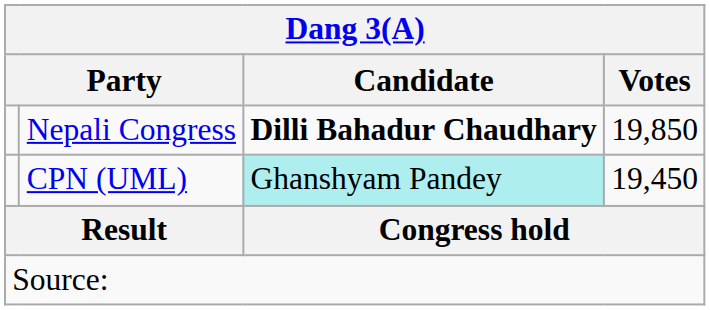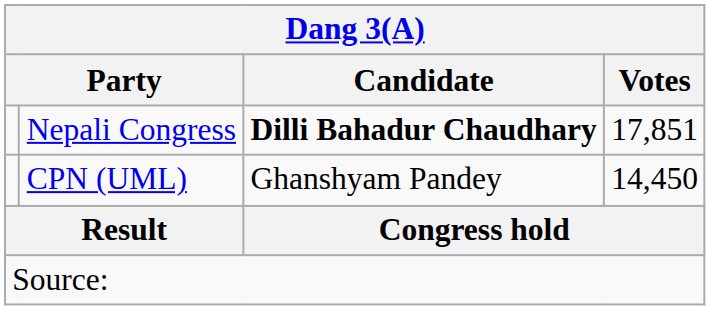 <table class="wikitable">
 <tr>
 <th colspan="4"><a href='#'>Dang 3(A)</a></th>
 </tr>
 <tr>
 <th colspan="2">Party</th>
 <th>Candidate</th>
 <th>Votes</th>
 </tr>
 <tr>
 <td style="background-color:"></td>
 <td><a href='#'>Nepali Congress</a></td>
 <td><strong>Dilli Bahadur Chaudhary</strong></td>
-<td>19,850</td>
+<td>17,851</td>
 </tr>
 <tr>
 <td style="background-color:"></td>
 <td><a href='#'>CPN (UML)</a></td>
-<td style="background: paleturquoise;">Ghanshyam Pandey</td>
-<td>19,450</td>
+<td>Ghanshyam Pandey</td>
+<td>14,450</td>
 </tr>
 <tr>
 <th colspan="2">Result</th>
 <th colspan="2">Congress hold</th>
 </tr>
 <tr>
 <td colspan="4">Source: </td>
 </tr>
 </table>
